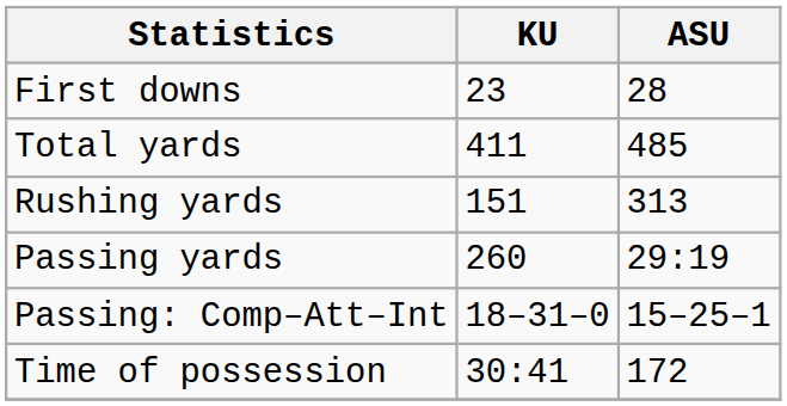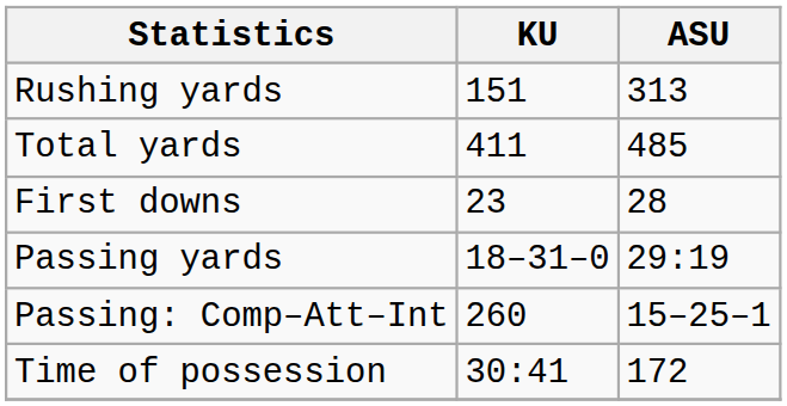 <table class="wikitable" style="float: left;">
 <tr>
 <th>Statistics</th>
 <th>KU</th>
 <th>ASU</th>
 </tr>
 <tr>
-<td>First downs</td>
-<td>23</td>
-<td>28</td>
+<td>Rushing yards</td>
+<td>151</td>
+<td>313</td>
 </tr>
 <tr>
 <td>Total yards</td>
 <td>411</td>
 <td>485</td>
 </tr>
 <tr>
-<td>Rushing yards</td>
-<td>151</td>
-<td>313</td>
+<td>First downs</td>
+<td>23</td>
+<td>28</td>
 </tr>
 <tr>
 <td>Passing yards</td>
-<td>260</td>
+<td>18–31–0</td>
 <td>29:19</td>
 </tr>
 <tr>
 <td>Passing: Comp–Att–Int</td>
-<td>18–31–0</td>
+<td>260</td>
 <td>15–25–1</td>
 </tr>
 <tr>
 <td>Time of possession</td>
 <td>30:41</td>
 <td>172</td>
 </tr>
 <tr>
 </tr>
 </table>
